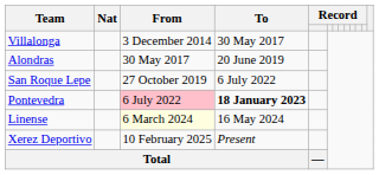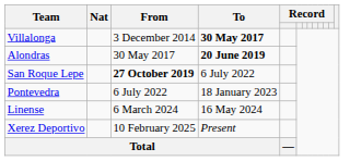 <table class="wikitable" style="text-align: center">
 <tr>
 <th rowspan="2">Team</th>
 <th rowspan="2">Nat</th>
 <th rowspan="2">From</th>
 <th rowspan="2">To</th>
 <th colspan="8">Record</th>
 <th rowspan=2></th>
 </tr>
 <tr>
 <th></th>
 <th></th>
 <th></th>
 <th></th>
 <th></th>
 <th></th>
 <th></th>
 <th></th>
 </tr>
 <tr>
 <td align=left><a href='#'>Villalonga</a></td>
 <td></td>
 <td align=left>3 December 2014</td>
-<td align=left>30 May 2017<br></td>
+<td align=left><strong>30 May 2017<br></strong></td>
 <td></td>
 </tr>
 <tr>
 <td align=left><a href='#'>Alondras</a></td>
 <td></td>
 <td align=left>30 May 2017</td>
-<td align=left>20 June 2019<br></td>
+<td align=left><strong>20 June 2019<br></strong></td>
 <td></td>
 </tr>
 <tr>
 <td align=left><a href='#'>San Roque Lepe</a></td>
 <td></td>
-<td align=left>27 October 2019</td>
+<td align=left><strong>27 October 2019</strong></td>
 <td align=left>6 July 2022<br></td>
 <td></td>
 </tr>
 <tr>
 <td align=left><a href='#'>Pontevedra</a></td>
 <td></td>
-<td align=left style="background: pink;">6 July 2022</td>
-<td align=left><strong>18 January 2023<br></strong></td>
+<td align=left>6 July 2022</td>
+<td align=left>18 January 2023<br></td>
 <td></td>
 </tr>
 <tr>
 <td align=left><a href='#'>Linense</a></td>
 <td></td>
-<td align=left style="background: lightyellow;">6 March 2024</td>
+<td align=left>6 March 2024</td>
 <td align=left>16 May 2024<br></td>
 <td></td>
 </tr>
 <tr>
 <td align=left><a href='#'>Xerez Deportivo</a></td>
 <td></td>
 <td align=left>10 February 2025</td>
 <td align=left><em>Present</em><br></td>
 <td></td>
 </tr>
 <tr>
 <th colspan="4">Total<br></th>
 <th>—</th>
 </tr>
 </table>
